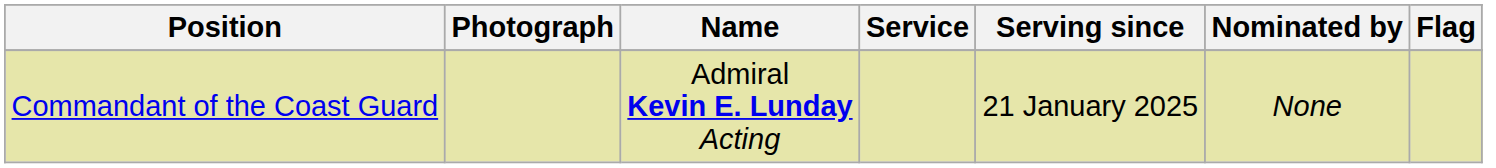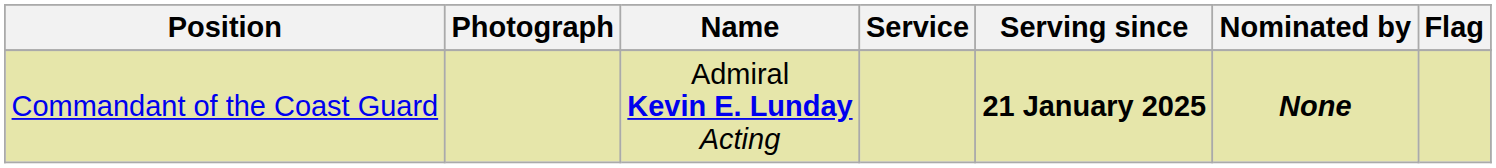 <table class="wikitable">
 <tr>
 <th>Position</th>
 <th>Photograph</th>
 <th>Name</th>
 <th>Service</th>
 <th>Serving since</th>
 <th>Nominated by</th>
 <th>Flag</th>
 </tr>
 <tr>
 </tr>
 <tr style=background:#e6e6aa;>
 <td><a href='#'>Commandant of the Coast Guard</a></td>
 <td></td>
 <td style="text-align:center">Admiral<br><strong><a href='#'>Kevin E. Lunday</a></strong><br><em>Acting</em></td>
 <td></td>
-<td style="text-align:center">21 January 2025</td>
-<td style="text-align:center"><em>None</em></td>
+<td style="text-align:center"><strong>21 January 2025</strong></td>
+<td style="text-align:center"><strong><em>None</em></strong></td>
 <td></td>
 </tr>
 </table>
